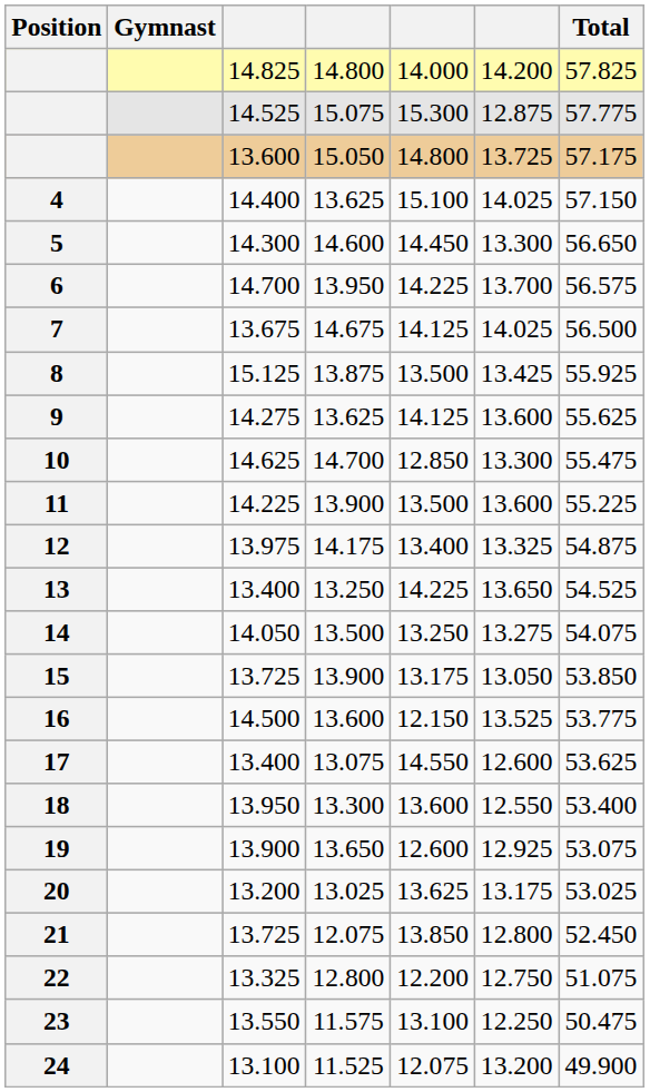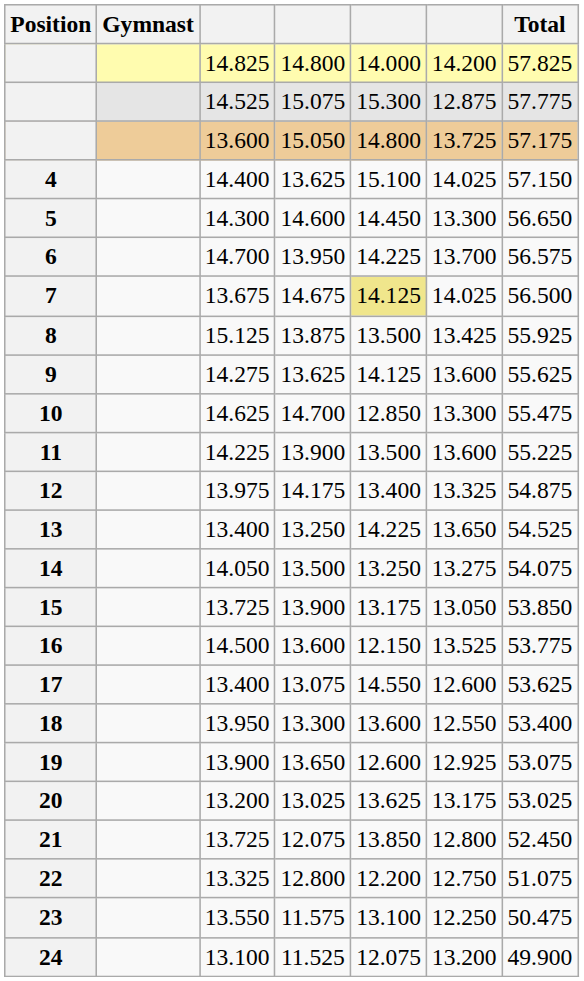 <table class="wikitable sortable" style="text-align:center; font-size:95%">
 <tr>
 <th scope=col>Position</th>
 <th scope=col>Gymnast</th>
 <th scope=col></th>
 <th scope=col></th>
 <th scope=col></th>
 <th scope=col></th>
 <th scope=col>Total</th>
 </tr>
 <tr bgcolor=fffcaf>
 <th scope=row></th>
 <td align=left></td>
 <td>14.825</td>
 <td>14.800</td>
 <td>14.000</td>
 <td>14.200</td>
 <td>57.825</td>
 </tr>
 <tr bgcolor=e5e5e5>
 <th scope=row></th>
 <td align=left></td>
 <td>14.525</td>
 <td>15.075</td>
 <td>15.300</td>
 <td>12.875</td>
 <td>57.775</td>
 </tr>
 <tr bgcolor=eecc99>
 <th scope=row></th>
 <td align=left></td>
 <td>13.600</td>
 <td>15.050</td>
 <td>14.800</td>
 <td>13.725</td>
 <td>57.175</td>
 </tr>
 <tr>
 <th scope=row>4</th>
 <td align=left></td>
 <td>14.400</td>
 <td>13.625</td>
 <td>15.100</td>
 <td>14.025</td>
 <td>57.150</td>
 </tr>
 <tr>
 <th scope=row>5</th>
 <td align=left></td>
 <td>14.300</td>
 <td>14.600</td>
 <td>14.450</td>
 <td>13.300</td>
 <td>56.650</td>
 </tr>
 <tr>
 <th scope=row>6</th>
 <td align=left></td>
 <td>14.700</td>
 <td>13.950</td>
 <td>14.225</td>
 <td>13.700</td>
 <td>56.575</td>
 </tr>
 <tr>
 <th scope=row>7</th>
 <td align=left></td>
 <td>13.675</td>
 <td>14.675</td>
-<td>14.125</td>
+<td style="background: khaki;">14.125</td>
 <td>14.025</td>
 <td>56.500</td>
 </tr>
 <tr>
 <th scope=row>8</th>
 <td align=left></td>
 <td>15.125</td>
 <td>13.875</td>
 <td>13.500</td>
 <td>13.425</td>
 <td>55.925</td>
 </tr>
 <tr>
 <th scope=row>9</th>
 <td align=left></td>
 <td>14.275</td>
 <td>13.625</td>
 <td>14.125</td>
 <td>13.600</td>
 <td>55.625</td>
 </tr>
 <tr>
 <th scope=row>10</th>
 <td align=left></td>
 <td>14.625</td>
 <td>14.700</td>
 <td>12.850</td>
 <td>13.300</td>
 <td>55.475</td>
 </tr>
 <tr>
 <th scope=row>11</th>
 <td align=left></td>
 <td>14.225</td>
 <td>13.900</td>
 <td>13.500</td>
 <td>13.600</td>
 <td>55.225</td>
 </tr>
 <tr>
 <th scope=row>12</th>
 <td align=left></td>
 <td>13.975</td>
 <td>14.175</td>
 <td>13.400</td>
 <td>13.325</td>
 <td>54.875</td>
 </tr>
 <tr>
 <th scope=row>13</th>
 <td align=left></td>
 <td>13.400</td>
 <td>13.250</td>
 <td>14.225</td>
 <td>13.650</td>
 <td>54.525</td>
 </tr>
 <tr>
 <th scope=row>14</th>
 <td align=left></td>
 <td>14.050</td>
 <td>13.500</td>
 <td>13.250</td>
 <td>13.275</td>
 <td>54.075</td>
 </tr>
 <tr>
 <th scope=row>15</th>
 <td align=left></td>
 <td>13.725</td>
 <td>13.900</td>
 <td>13.175</td>
 <td>13.050</td>
 <td>53.850</td>
 </tr>
 <tr>
 <th scope=row>16</th>
 <td align=left></td>
 <td>14.500</td>
 <td>13.600</td>
 <td>12.150</td>
 <td>13.525</td>
 <td>53.775</td>
 </tr>
 <tr>
 <th scope=row>17</th>
 <td align=left></td>
 <td>13.400</td>
 <td>13.075</td>
 <td>14.550</td>
 <td>12.600</td>
 <td>53.625</td>
 </tr>
 <tr>
 <th scope=row>18</th>
 <td align=left></td>
 <td>13.950</td>
 <td>13.300</td>
 <td>13.600</td>
 <td>12.550</td>
 <td>53.400</td>
 </tr>
 <tr>
 <th scope=row>19</th>
 <td align=left></td>
 <td>13.900</td>
 <td>13.650</td>
 <td>12.600</td>
 <td>12.925</td>
 <td>53.075</td>
 </tr>
 <tr>
 <th scope=row>20</th>
 <td align=left></td>
 <td>13.200</td>
 <td>13.025</td>
 <td>13.625</td>
 <td>13.175</td>
 <td>53.025</td>
 </tr>
 <tr>
 <th scope=row>21</th>
 <td align=left></td>
 <td>13.725</td>
 <td>12.075</td>
 <td>13.850</td>
 <td>12.800</td>
 <td>52.450</td>
 </tr>
 <tr>
 <th scope=row>22</th>
 <td align=left></td>
 <td>13.325</td>
 <td>12.800</td>
 <td>12.200</td>
 <td>12.750</td>
 <td>51.075</td>
 </tr>
 <tr>
 <th scope=row>23</th>
 <td align=left></td>
 <td>13.550</td>
 <td>11.575</td>
 <td>13.100</td>
 <td>12.250</td>
 <td>50.475</td>
 </tr>
 <tr>
 <th scope=row>24</th>
 <td align=left></td>
 <td>13.100</td>
 <td>11.525</td>
 <td>12.075</td>
 <td>13.200</td>
 <td>49.900</td>
 </tr>
 <tr>
 </tr>
 </table>
